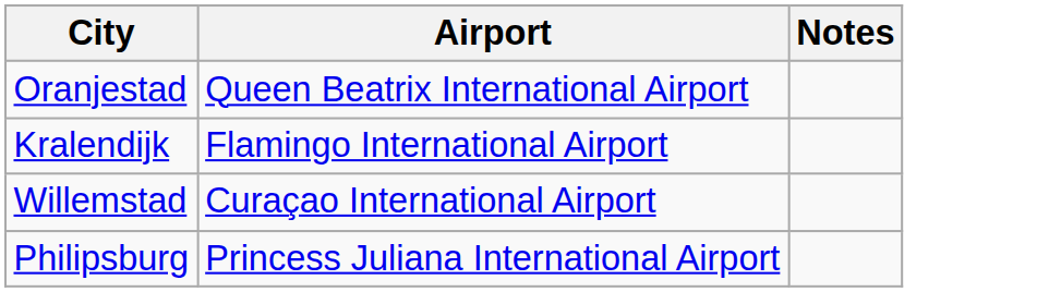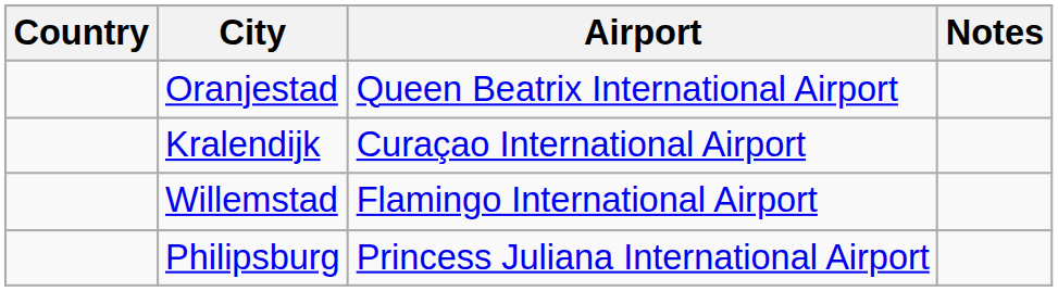 <table class="sortable wikitable">
 <tr>
+<th>Country</th>
 <th>City</th>
 <th>Airport</th>
 <th>Notes</th>
 </tr>
 <tr>
+<td></td>
 <td><a href='#'>Oranjestad</a></td>
 <td><a href='#'>Queen Beatrix International Airport</a></td>
 <td></td>
 </tr>
 <tr>
+<td></td>
 <td><a href='#'>Kralendijk</a></td>
+<td><a href='#'>Curaçao International Airport</a></td>
+<td></td>
+</tr>
+<tr>
+<td></td>
+<td><a href='#'>Willemstad</a></td>
 <td><a href='#'>Flamingo International Airport</a></td>
 <td></td>
 </tr>
 <tr>
-<td><a href='#'>Willemstad</a></td>
-<td><a href='#'>Curaçao International Airport</a></td>
 <td></td>
-</tr>
-<tr>
 <td><a href='#'>Philipsburg</a></td>
 <td><a href='#'>Princess Juliana International Airport</a></td>
 <td align=center></td>
 </tr>
 </table>
